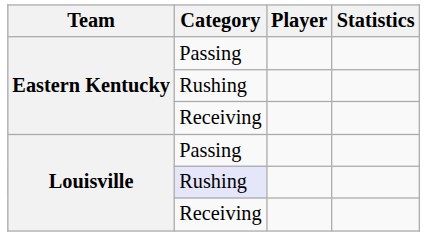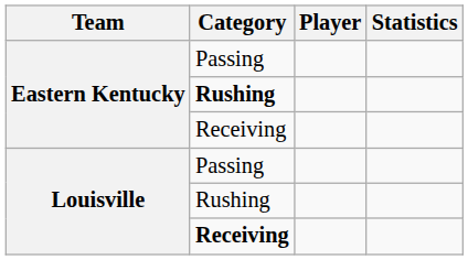 <table class="wikitable" style="float:right">
 <tr>
 <th>Team</th>
 <th>Category</th>
 <th>Player</th>
 <th>Statistics</th>
 </tr>
 <tr>
 <th rowspan=3>Eastern Kentucky</th>
 <td>Passing</td>
 <td></td>
 <td></td>
 </tr>
 <tr>
-<td>Rushing</td>
+<td><strong>Rushing</strong></td>
 <td></td>
 <td></td>
 </tr>
 <tr>
 <td>Receiving</td>
 <td></td>
 <td></td>
 </tr>
 <tr>
 <th rowspan=3>Louisville</th>
 <td>Passing</td>
 <td></td>
 <td></td>
 </tr>
 <tr>
-<td style="background: lavender;">Rushing</td>
+<td>Rushing</td>
 <td></td>
 <td></td>
 </tr>
 <tr>
-<td>Receiving</td>
+<td><strong>Receiving</strong></td>
 <td></td>
 <td></td>
 </tr>
 </table>
